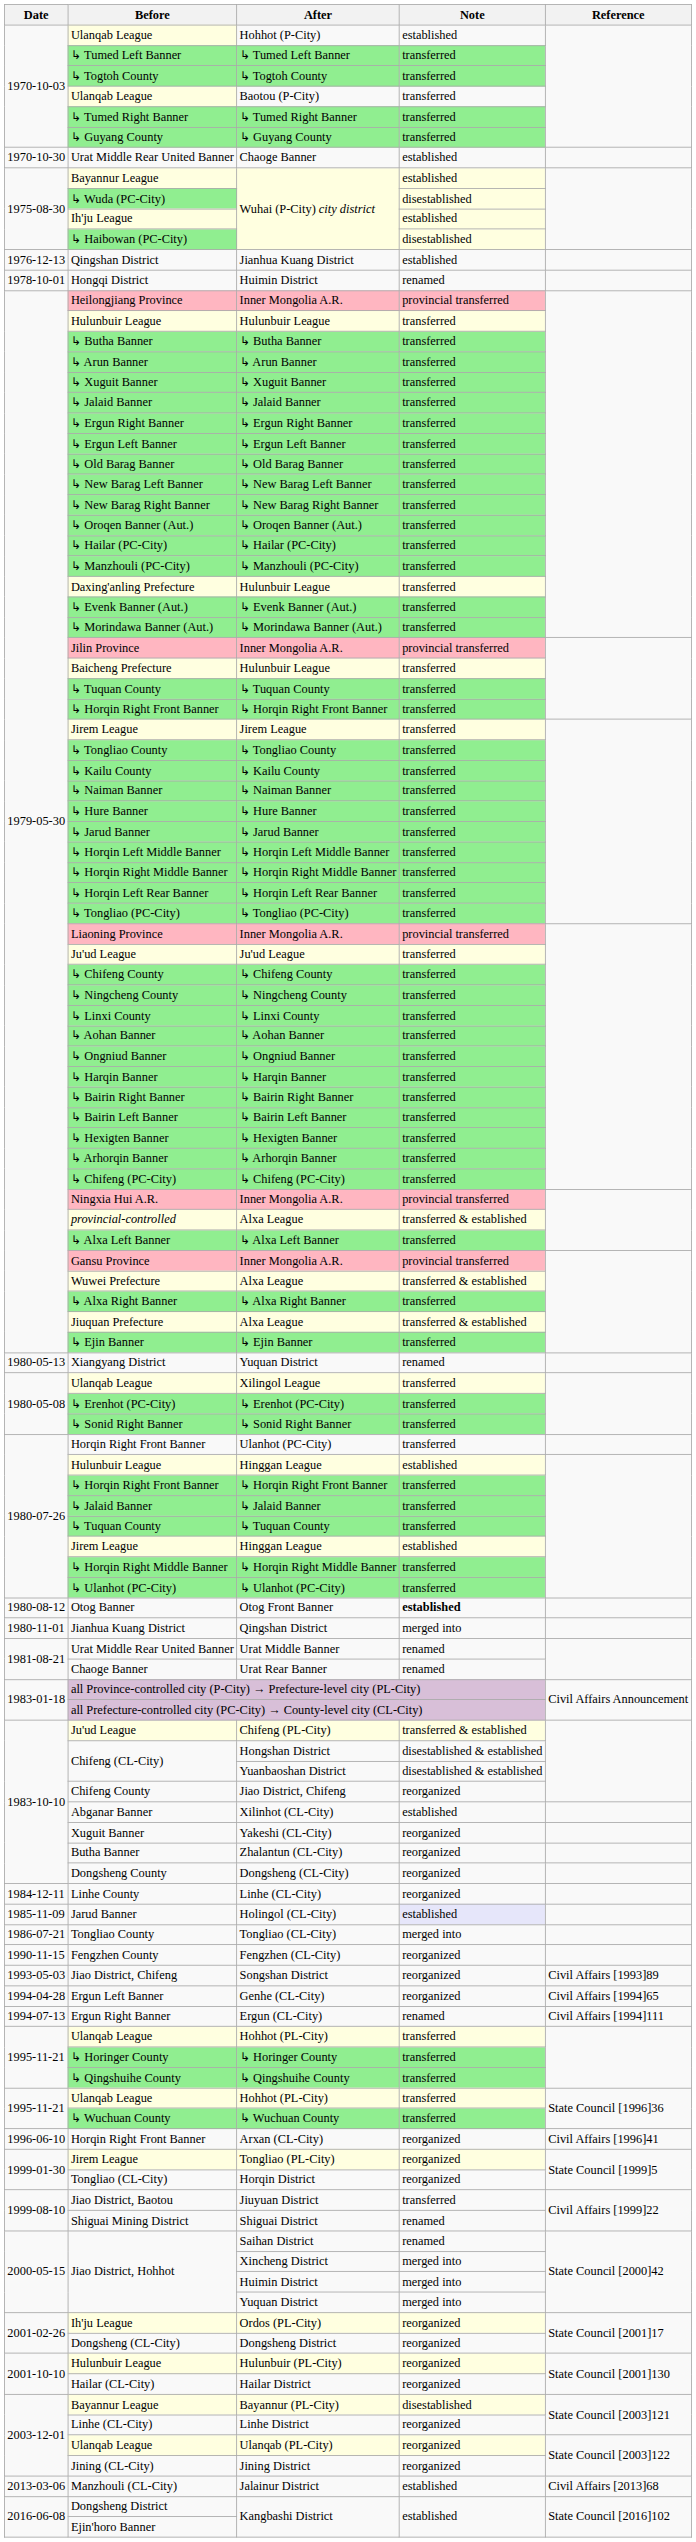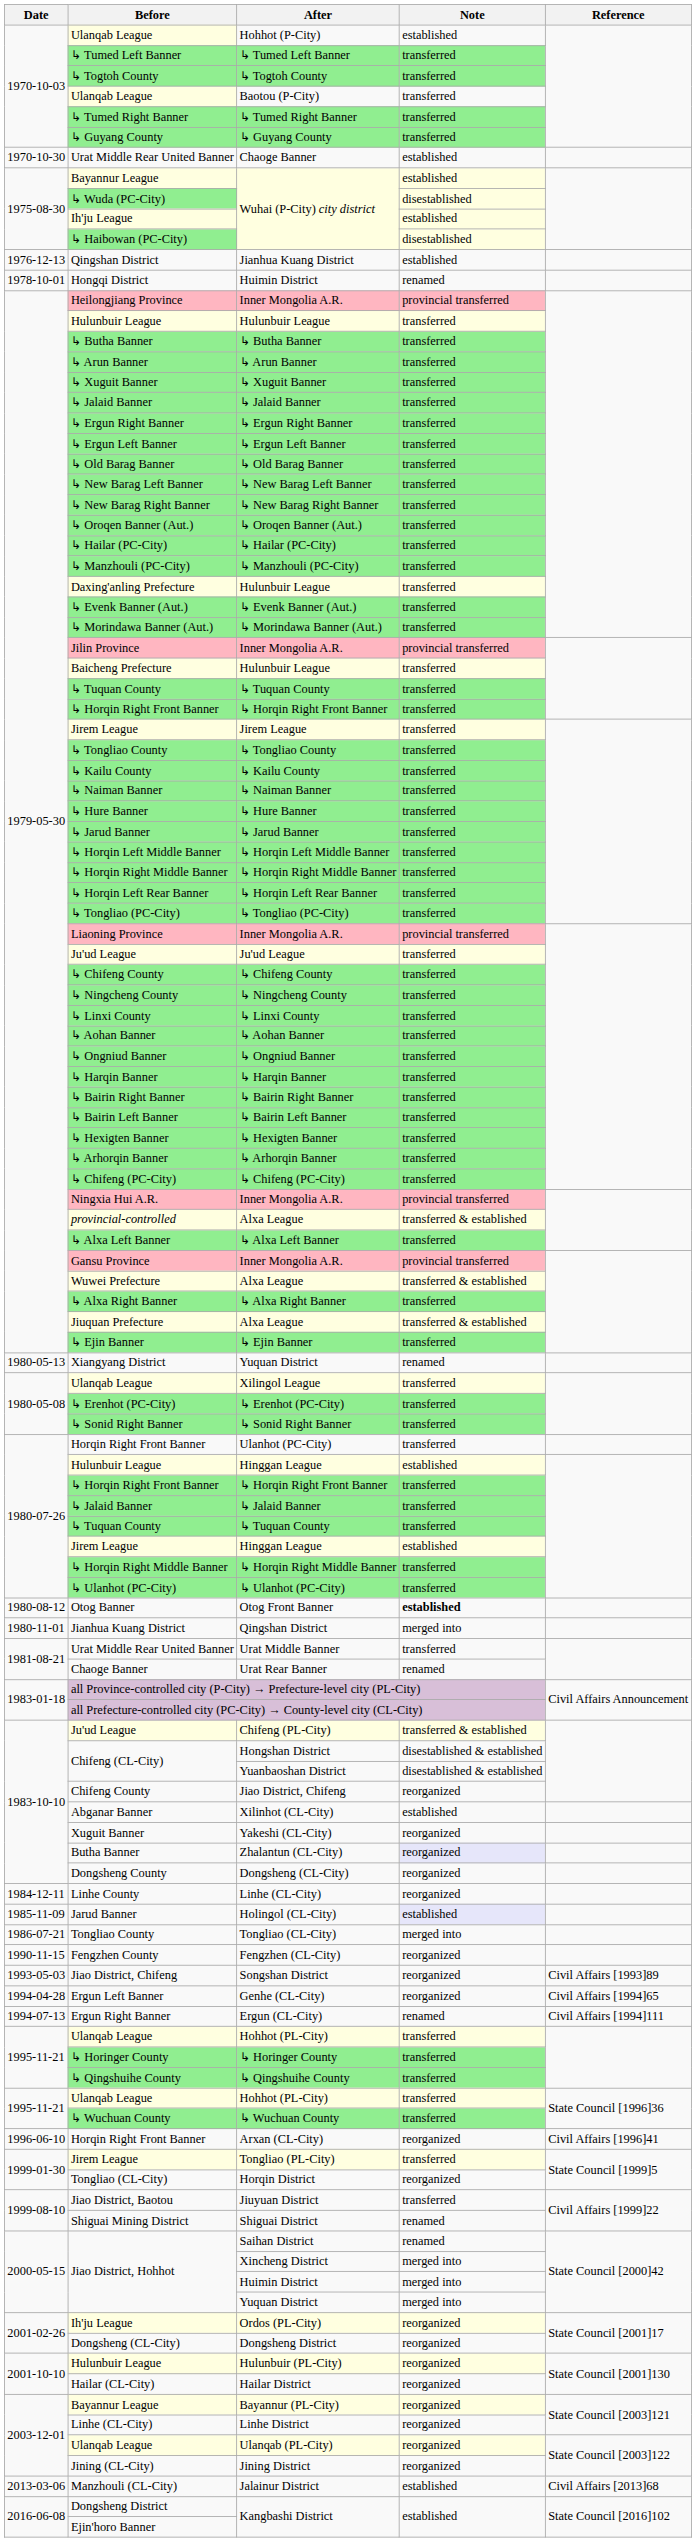 <table class="wikitable" style="font-size:90%;" align="center">
 <tr>
 <th>Date</th>
 <th>Before</th>
 <th>After</th>
 <th>Note</th>
 <th>Reference</th>
 </tr>
 <tr>
 <td rowspan="6">1970-10-03</td>
 <td bgcolor="lightyellow"> Ulanqab League</td>
 <td>Hohhot (P-City)</td>
 <td>established</td>
 <td rowspan="6"></td>
 </tr>
 <tr bgcolor="lightgreen">
 <td>↳ Tumed Left Banner</td>
 <td>↳ Tumed Left Banner</td>
 <td>transferred</td>
 </tr>
 <tr bgcolor="lightgreen">
 <td>↳ Togtoh County</td>
 <td>↳ Togtoh County</td>
 <td>transferred</td>
 </tr>
 <tr>
 <td bgcolor="lightyellow"> Ulanqab League</td>
 <td>Baotou (P-City)</td>
 <td>transferred</td>
 </tr>
 <tr bgcolor="lightgreen">
 <td>↳ Tumed Right Banner</td>
 <td>↳ Tumed Right Banner</td>
 <td>transferred</td>
 </tr>
 <tr bgcolor="lightgreen">
 <td>↳ Guyang County</td>
 <td>↳ Guyang County</td>
 <td>transferred</td>
 </tr>
 <tr>
 <td>1970-10-30</td>
 <td>Urat Middle Rear United Banner</td>
 <td>Chaoge Banner</td>
 <td>established</td>
 <td></td>
 </tr>
 <tr>
 <td rowspan="4">1975-08-30</td>
 <td bgcolor="lightyellow"> Bayannur League</td>
 <td bgcolor="lightyellow" rowspan="4">Wuhai (P-City) <em>city district</em></td>
 <td bgcolor="lightyellow">established</td>
 <td rowspan="4"></td>
 </tr>
 <tr>
 <td bgcolor="lightgreen">↳ Wuda (PC-City)</td>
 <td bgcolor="lightyellow">disestablished</td>
 </tr>
 <tr>
 <td bgcolor="lightyellow"> Ih'ju League</td>
 <td bgcolor="lightyellow">established</td>
 </tr>
 <tr>
 <td bgcolor="lightgreen">↳ Haibowan (PC-City)</td>
 <td bgcolor="lightyellow">disestablished</td>
 </tr>
 <tr>
 <td>1976-12-13</td>
 <td> Qingshan District</td>
 <td>Jianhua Kuang District</td>
 <td>established</td>
 <td></td>
 </tr>
 <tr>
 <td>1978-10-01</td>
 <td>Hongqi District</td>
 <td>Huimin District</td>
 <td>renamed</td>
 <td></td>
 </tr>
 <tr>
 <td rowspan="52">1979-05-30</td>
 <td bgcolor="lightpink"> Heilongjiang Province</td>
 <td bgcolor="lightpink">Inner Mongolia A.R.</td>
 <td bgcolor="lightpink">provincial transferred</td>
 <td rowspan="17"></td>
 </tr>
 <tr>
 <td bgcolor="lightyellow">Hulunbuir League</td>
 <td bgcolor="lightyellow">Hulunbuir League</td>
 <td bgcolor="lightyellow">transferred</td>
 </tr>
 <tr bgcolor="lightgreen">
 <td>↳ Butha Banner</td>
 <td>↳ Butha Banner</td>
 <td>transferred</td>
 </tr>
 <tr bgcolor="lightgreen">
 <td>↳ Arun Banner</td>
 <td>↳ Arun Banner</td>
 <td>transferred</td>
 </tr>
 <tr bgcolor="lightgreen">
 <td>↳ Xuguit Banner</td>
 <td>↳ Xuguit Banner</td>
 <td>transferred</td>
 </tr>
 <tr bgcolor="lightgreen">
 <td>↳ Jalaid Banner</td>
 <td>↳ Jalaid Banner</td>
 <td>transferred</td>
 </tr>
 <tr bgcolor="lightgreen">
 <td>↳ Ergun Right Banner</td>
 <td>↳ Ergun Right Banner</td>
 <td>transferred</td>
 </tr>
 <tr bgcolor="lightgreen">
 <td>↳ Ergun Left Banner</td>
 <td>↳ Ergun Left Banner</td>
 <td>transferred</td>
 </tr>
 <tr bgcolor="lightgreen">
 <td>↳ Old Barag Banner</td>
 <td>↳ Old Barag Banner</td>
 <td>transferred</td>
 </tr>
 <tr bgcolor="lightgreen">
 <td>↳ New Barag Left Banner</td>
 <td>↳ New Barag Left Banner</td>
 <td>transferred</td>
 </tr>
 <tr bgcolor="lightgreen">
 <td>↳ New Barag Right Banner</td>
 <td>↳ New Barag Right Banner</td>
 <td>transferred</td>
 </tr>
 <tr bgcolor="lightgreen">
 <td>↳ Oroqen Banner (Aut.)</td>
 <td>↳ Oroqen Banner (Aut.)</td>
 <td>transferred</td>
 </tr>
 <tr bgcolor="lightgreen">
 <td>↳ Hailar (PC-City)</td>
 <td>↳ Hailar (PC-City)</td>
 <td>transferred</td>
 </tr>
 <tr bgcolor="lightgreen">
 <td>↳ Manzhouli (PC-City)</td>
 <td>↳ Manzhouli (PC-City)</td>
 <td>transferred</td>
 </tr>
 <tr>
 <td bgcolor="lightyellow"> Daxing'anling Prefecture</td>
 <td bgcolor="lightyellow">Hulunbuir League</td>
 <td bgcolor="lightyellow">transferred</td>
 </tr>
 <tr bgcolor="lightgreen">
 <td>↳ Evenk Banner (Aut.)</td>
 <td>↳ Evenk Banner (Aut.)</td>
 <td>transferred</td>
 </tr>
 <tr bgcolor="lightgreen">
 <td>↳ Morindawa Banner (Aut.)</td>
 <td>↳ Morindawa Banner (Aut.)</td>
 <td>transferred</td>
 </tr>
 <tr>
 <td bgcolor="lightpink"> Jilin Province</td>
 <td bgcolor="lightpink">Inner Mongolia A.R.</td>
 <td bgcolor="lightpink">provincial transferred</td>
 <td rowspan="4"></td>
 </tr>
 <tr>
 <td bgcolor="lightyellow"> Baicheng Prefecture</td>
 <td bgcolor="lightyellow">Hulunbuir League</td>
 <td bgcolor="lightyellow">transferred</td>
 </tr>
 <tr bgcolor="lightgreen">
 <td>↳ Tuquan County</td>
 <td>↳ Tuquan County</td>
 <td>transferred</td>
 </tr>
 <tr bgcolor="lightgreen">
 <td>↳ Horqin Right Front Banner</td>
 <td>↳ Horqin Right Front Banner</td>
 <td>transferred</td>
 </tr>
 <tr>
 <td bgcolor="lightyellow">Jirem League</td>
 <td bgcolor="lightyellow">Jirem League</td>
 <td bgcolor="lightyellow">transferred</td>
 <td rowspan="10"></td>
 </tr>
 <tr bgcolor="lightgreen">
 <td>↳ Tongliao County</td>
 <td>↳ Tongliao County</td>
 <td>transferred</td>
 </tr>
 <tr bgcolor="lightgreen">
 <td>↳ Kailu County</td>
 <td>↳ Kailu County</td>
 <td>transferred</td>
 </tr>
 <tr bgcolor="lightgreen">
 <td>↳ Naiman Banner</td>
 <td>↳ Naiman Banner</td>
 <td>transferred</td>
 </tr>
 <tr bgcolor="lightgreen">
 <td>↳ Hure Banner</td>
 <td>↳ Hure Banner</td>
 <td>transferred</td>
 </tr>
 <tr bgcolor="lightgreen">
 <td>↳ Jarud Banner</td>
 <td>↳ Jarud Banner</td>
 <td>transferred</td>
 </tr>
 <tr bgcolor="lightgreen">
 <td>↳ Horqin Left Middle Banner</td>
 <td>↳ Horqin Left Middle Banner</td>
 <td>transferred</td>
 </tr>
 <tr bgcolor="lightgreen">
 <td>↳ Horqin Right Middle Banner</td>
 <td>↳ Horqin Right Middle Banner</td>
 <td>transferred</td>
 </tr>
 <tr bgcolor="lightgreen">
 <td>↳ Horqin Left Rear Banner</td>
 <td>↳ Horqin Left Rear Banner</td>
 <td>transferred</td>
 </tr>
 <tr bgcolor="lightgreen">
 <td>↳ Tongliao (PC-City)</td>
 <td>↳ Tongliao (PC-City)</td>
 <td>transferred</td>
 </tr>
 <tr>
 <td bgcolor="lightpink"> Liaoning Province</td>
 <td bgcolor="lightpink">Inner Mongolia A.R.</td>
 <td bgcolor="lightpink">provincial transferred</td>
 <td rowspan="13"></td>
 </tr>
 <tr>
 <td bgcolor="lightyellow">Ju'ud League</td>
 <td bgcolor="lightyellow">Ju'ud League</td>
 <td bgcolor="lightyellow">transferred</td>
 </tr>
 <tr bgcolor="lightgreen">
 <td>↳ Chifeng County</td>
 <td>↳ Chifeng County</td>
 <td>transferred</td>
 </tr>
 <tr bgcolor="lightgreen">
 <td>↳ Ningcheng County</td>
 <td>↳ Ningcheng County</td>
 <td>transferred</td>
 </tr>
 <tr bgcolor="lightgreen">
 <td>↳ Linxi County</td>
 <td>↳ Linxi County</td>
 <td>transferred</td>
 </tr>
 <tr bgcolor="lightgreen">
 <td>↳ Aohan Banner</td>
 <td>↳ Aohan Banner</td>
 <td>transferred</td>
 </tr>
 <tr bgcolor="lightgreen">
 <td>↳ Ongniud Banner</td>
 <td>↳ Ongniud Banner</td>
 <td>transferred</td>
 </tr>
 <tr bgcolor="lightgreen">
 <td>↳ Harqin Banner</td>
 <td>↳ Harqin Banner</td>
 <td>transferred</td>
 </tr>
 <tr bgcolor="lightgreen">
 <td>↳ Bairin Right Banner</td>
 <td>↳ Bairin Right Banner</td>
 <td>transferred</td>
 </tr>
 <tr bgcolor="lightgreen">
 <td>↳ Bairin Left Banner</td>
 <td>↳ Bairin Left Banner</td>
 <td>transferred</td>
 </tr>
 <tr bgcolor="lightgreen">
 <td>↳ Hexigten Banner</td>
 <td>↳ Hexigten Banner</td>
 <td>transferred</td>
 </tr>
 <tr bgcolor="lightgreen">
 <td>↳ Arhorqin Banner</td>
 <td>↳ Arhorqin Banner</td>
 <td>transferred</td>
 </tr>
 <tr bgcolor="lightgreen">
 <td>↳ Chifeng (PC-City)</td>
 <td>↳ Chifeng (PC-City)</td>
 <td>transferred</td>
 </tr>
 <tr>
 <td bgcolor="lightpink"> Ningxia Hui A.R.</td>
 <td bgcolor="lightpink">Inner Mongolia A.R.</td>
 <td bgcolor="lightpink">provincial transferred</td>
 <td rowspan="3"></td>
 </tr>
 <tr>
 <td bgcolor="lightyellow"><em>provincial-controlled</em></td>
 <td bgcolor="lightyellow">Alxa League</td>
 <td bgcolor="lightyellow">transferred & established</td>
 </tr>
 <tr bgcolor="lightgreen">
 <td>↳ Alxa Left Banner</td>
 <td>↳ Alxa Left Banner</td>
 <td>transferred</td>
 </tr>
 <tr>
 <td bgcolor="lightpink"> Gansu Province</td>
 <td bgcolor="lightpink">Inner Mongolia A.R.</td>
 <td bgcolor="lightpink">provincial transferred</td>
 <td rowspan="5"></td>
 </tr>
 <tr>
 <td bgcolor="lightyellow"> Wuwei Prefecture</td>
 <td bgcolor="lightyellow">Alxa League</td>
 <td bgcolor="lightyellow">transferred & established</td>
 </tr>
 <tr bgcolor="lightgreen">
 <td>↳ Alxa Right Banner</td>
 <td>↳ Alxa Right Banner</td>
 <td>transferred</td>
 </tr>
 <tr>
 <td bgcolor="lightyellow"> Jiuquan Prefecture</td>
 <td bgcolor="lightyellow">Alxa League</td>
 <td bgcolor="lightyellow">transferred & established</td>
 </tr>
 <tr bgcolor="lightgreen">
 <td>↳ Ejin Banner</td>
 <td>↳ Ejin Banner</td>
 <td>transferred</td>
 </tr>
 <tr>
 <td>1980-05-13</td>
 <td>Xiangyang District</td>
 <td>Yuquan District</td>
 <td>renamed</td>
 <td></td>
 </tr>
 <tr>
 <td rowspan="3">1980-05-08</td>
 <td bgcolor="lightyellow"> Ulanqab League</td>
 <td bgcolor="lightyellow">Xilingol League</td>
 <td bgcolor="lightyellow">transferred</td>
 <td rowspan="3"></td>
 </tr>
 <tr bgcolor="lightgreen">
 <td>↳ Erenhot (PC-City)</td>
 <td>↳ Erenhot (PC-City)</td>
 <td>transferred</td>
 </tr>
 <tr bgcolor="lightgreen">
 <td>↳ Sonid Right Banner</td>
 <td>↳ Sonid Right Banner</td>
 <td>transferred</td>
 </tr>
 <tr>
 <td rowspan="8">1980-07-26</td>
 <td> Horqin Right Front Banner</td>
 <td>Ulanhot (PC-City)</td>
 <td>transferred</td>
 <td></td>
 </tr>
 <tr>
 <td bgcolor="lightyellow"> Hulunbuir League</td>
 <td bgcolor="lightyellow">Hinggan League</td>
 <td bgcolor="lightyellow">established</td>
 <td rowspan="7"></td>
 </tr>
 <tr bgcolor="lightgreen">
 <td>↳ Horqin Right Front Banner</td>
 <td>↳ Horqin Right Front Banner</td>
 <td>transferred</td>
 </tr>
 <tr bgcolor="lightgreen">
 <td>↳ Jalaid Banner</td>
 <td>↳ Jalaid Banner</td>
 <td>transferred</td>
 </tr>
 <tr bgcolor="lightgreen">
 <td>↳ Tuquan County</td>
 <td>↳ Tuquan County</td>
 <td>transferred</td>
 </tr>
 <tr bgcolor="lightyellow">
 <td> Jirem League</td>
 <td>Hinggan League</td>
 <td>established</td>
 </tr>
 <tr bgcolor="lightgreen">
 <td>↳ Horqin Right Middle Banner</td>
 <td>↳ Horqin Right Middle Banner</td>
 <td>transferred</td>
 </tr>
 <tr bgcolor="lightgreen">
 <td>↳ Ulanhot (PC-City)</td>
 <td>↳ Ulanhot (PC-City)</td>
 <td>transferred</td>
 </tr>
 <tr>
 <td>1980-08-12</td>
 <td> Otog Banner</td>
 <td>Otog Front Banner</td>
 <td><strong>established</strong></td>
 <td></td>
 </tr>
 <tr>
 <td>1980-11-01</td>
 <td>Jianhua Kuang District</td>
 <td>Qingshan District</td>
 <td>merged into</td>
 <td></td>
 </tr>
 <tr>
 <td rowspan="2">1981-08-21</td>
 <td>Urat Middle Rear United Banner</td>
 <td>Urat Middle Banner</td>
-<td>renamed</td>
+<td>transferred</td>
 <td rowspan="2"></td>
 </tr>
 <tr>
 <td>Chaoge Banner</td>
 <td>Urat Rear Banner</td>
 <td>renamed</td>
 </tr>
 <tr>
 <td rowspan="2">1983-01-18</td>
 <td bgcolor="thistle" colspan="3">all Province-controlled city (P-City) → Prefecture-level city (PL-City)</td>
 <td rowspan="2">Civil Affairs Announcement</td>
 </tr>
 <tr>
 <td bgcolor="thistle" colspan="3">all Prefecture-controlled city (PC-City) → County-level city (CL-City)</td>
 </tr>
 <tr>
 <td rowspan="8">1983-10-10</td>
 <td bgcolor="lightyellow">Ju'ud League</td>
 <td bgcolor="lightyellow">Chifeng (PL-City)</td>
 <td bgcolor="lightyellow">transferred & established</td>
 <td rowspan="4"></td>
 </tr>
 <tr>
 <td rowspan="2">Chifeng (CL-City)</td>
 <td>Hongshan District</td>
 <td>disestablished & established</td>
 </tr>
 <tr>
 <td>Yuanbaoshan District</td>
 <td>disestablished & established</td>
 </tr>
 <tr>
 <td>Chifeng County</td>
 <td>Jiao District, Chifeng</td>
 <td>reorganized</td>
 </tr>
 <tr>
 <td>Abganar Banner</td>
 <td>Xilinhot (CL-City)</td>
 <td>established</td>
 <td></td>
 </tr>
 <tr>
 <td>Xuguit Banner</td>
 <td>Yakeshi (CL-City)</td>
 <td>reorganized</td>
 <td></td>
 </tr>
 <tr>
 <td>Butha Banner</td>
 <td>Zhalantun (CL-City)</td>
-<td>reorganized</td>
+<td style="background: lavender;">reorganized</td>
 <td></td>
 </tr>
 <tr>
 <td>Dongsheng County</td>
 <td>Dongsheng (CL-City)</td>
 <td>reorganized</td>
 <td></td>
 </tr>
 <tr>
 <td>1984-12-11</td>
 <td>Linhe County</td>
 <td>Linhe (CL-City)</td>
 <td>reorganized</td>
 <td></td>
 </tr>
 <tr>
 <td>1985-11-09</td>
 <td> Jarud Banner</td>
 <td>Holingol (CL-City)</td>
 <td style="background: lavender;">established</td>
 <td></td>
 </tr>
 <tr>
 <td>1986-07-21</td>
 <td>Tongliao County</td>
 <td>Tongliao (CL-City)</td>
 <td>merged into</td>
 <td></td>
 </tr>
 <tr>
 <td>1990-11-15</td>
 <td>Fengzhen County</td>
 <td>Fengzhen (CL-City)</td>
 <td>reorganized</td>
 <td></td>
 </tr>
 <tr>
 <td>1993-05-03</td>
 <td>Jiao District, Chifeng</td>
 <td>Songshan District</td>
 <td>reorganized</td>
 <td>Civil Affairs [1993]89</td>
 </tr>
 <tr>
 <td>1994-04-28</td>
 <td>Ergun Left Banner</td>
 <td>Genhe (CL-City)</td>
 <td>reorganized</td>
 <td>Civil Affairs [1994]65</td>
 </tr>
 <tr>
 <td>1994-07-13</td>
 <td>Ergun Right Banner</td>
 <td>Ergun (CL-City)</td>
 <td>renamed</td>
 <td>Civil Affairs [1994]111</td>
 </tr>
 <tr>
 <td rowspan="3">1995-11-21</td>
 <td bgcolor="lightyellow"> Ulanqab League</td>
 <td bgcolor="lightyellow">Hohhot (PL-City)</td>
 <td bgcolor="lightyellow">transferred</td>
 <td rowspan="3"></td>
 </tr>
 <tr bgcolor="lightgreen">
 <td>↳ Horinger County</td>
 <td>↳ Horinger County</td>
 <td>transferred</td>
 </tr>
 <tr bgcolor="lightgreen">
 <td>↳ Qingshuihe County</td>
 <td>↳ Qingshuihe County</td>
 <td>transferred</td>
 </tr>
 <tr>
 <td rowspan="2">1995-11-21</td>
 <td bgcolor="lightyellow"> Ulanqab League</td>
 <td bgcolor="lightyellow">Hohhot (PL-City)</td>
 <td bgcolor="lightyellow">transferred</td>
 <td rowspan="2">State Council [1996]36</td>
 </tr>
 <tr bgcolor="lightgreen">
 <td>↳ Wuchuan County</td>
 <td>↳ Wuchuan County</td>
 <td>transferred</td>
 </tr>
 <tr>
 <td>1996-06-10</td>
 <td> Horqin Right Front Banner</td>
 <td>Arxan (CL-City)</td>
 <td>reorganized</td>
 <td>Civil Affairs [1996]41</td>
 </tr>
 <tr>
 <td rowspan="2">1999-01-30</td>
 <td bgcolor="lightyellow">Jirem League</td>
 <td bgcolor="lightyellow">Tongliao (PL-City)</td>
-<td bgcolor="lightyellow">reorganized</td>
+<td bgcolor="lightyellow">transferred</td>
 <td rowspan="2">State Council [1999]5</td>
 </tr>
 <tr>
 <td>Tongliao (CL-City)</td>
 <td>Horqin District</td>
 <td>reorganized</td>
 </tr>
 <tr>
 <td rowspan="2">1999-08-10</td>
 <td>Jiao District, Baotou</td>
 <td>Jiuyuan District</td>
 <td>transferred</td>
 <td rowspan="2">Civil Affairs [1999]22</td>
 </tr>
 <tr>
 <td>Shiguai Mining District</td>
 <td>Shiguai District</td>
 <td>renamed</td>
 </tr>
 <tr>
 <td rowspan="4">2000-05-15</td>
 <td rowspan="4">Jiao District, Hohhot</td>
 <td>Saihan District</td>
 <td>renamed</td>
 <td rowspan="4">State Council [2000]42</td>
 </tr>
 <tr>
 <td>Xincheng District</td>
 <td>merged into</td>
 </tr>
 <tr>
 <td>Huimin District</td>
 <td>merged into</td>
 </tr>
 <tr>
 <td>Yuquan District</td>
 <td>merged into</td>
 </tr>
 <tr>
 <td rowspan="2">2001-02-26</td>
 <td bgcolor="lightyellow">Ih'ju League</td>
 <td bgcolor="lightyellow">Ordos (PL-City)</td>
 <td bgcolor="lightyellow">reorganized</td>
 <td rowspan="2">State Council [2001]17</td>
 </tr>
 <tr>
 <td>Dongsheng (CL-City)</td>
 <td>Dongsheng District</td>
 <td>reorganized</td>
 </tr>
 <tr>
 <td rowspan="2">2001-10-10</td>
 <td bgcolor="lightyellow">Hulunbuir League</td>
 <td bgcolor="lightyellow">Hulunbuir (PL-City)</td>
 <td bgcolor="lightyellow">reorganized</td>
 <td rowspan="2">State Council [2001]130</td>
 </tr>
 <tr>
 <td>Hailar (CL-City)</td>
 <td>Hailar District</td>
 <td>reorganized</td>
 </tr>
 <tr>
 <td rowspan="4">2003-12-01</td>
 <td bgcolor="lightyellow">Bayannur League</td>
 <td bgcolor="lightyellow">Bayannur (PL-City)</td>
-<td bgcolor="lightyellow">disestablished</td>
+<td bgcolor="lightyellow">reorganized</td>
 <td rowspan="2">State Council [2003]121</td>
 </tr>
 <tr>
 <td>Linhe (CL-City)</td>
 <td>Linhe District</td>
 <td>reorganized</td>
 </tr>
 <tr>
 <td bgcolor="lightyellow">Ulanqab League</td>
 <td bgcolor="lightyellow">Ulanqab (PL-City)</td>
 <td bgcolor="lightyellow">reorganized</td>
 <td rowspan="2">State Council [2003]122</td>
 </tr>
 <tr>
 <td>Jining (CL-City)</td>
 <td>Jining District</td>
 <td>reorganized</td>
 </tr>
 <tr>
 <td>2013-03-06</td>
 <td> Manzhouli (CL-City)</td>
 <td>Jalainur District</td>
 <td>established</td>
 <td>Civil Affairs [2013]68</td>
 </tr>
 <tr>
 <td rowspan="2">2016-06-08</td>
 <td> Dongsheng District</td>
 <td rowspan="2">Kangbashi District</td>
 <td rowspan="2">established</td>
 <td rowspan="2">State Council [2016]102</td>
 </tr>
 <tr>
 <td> Ejin'horo Banner</td>
 </tr>
 </table>
